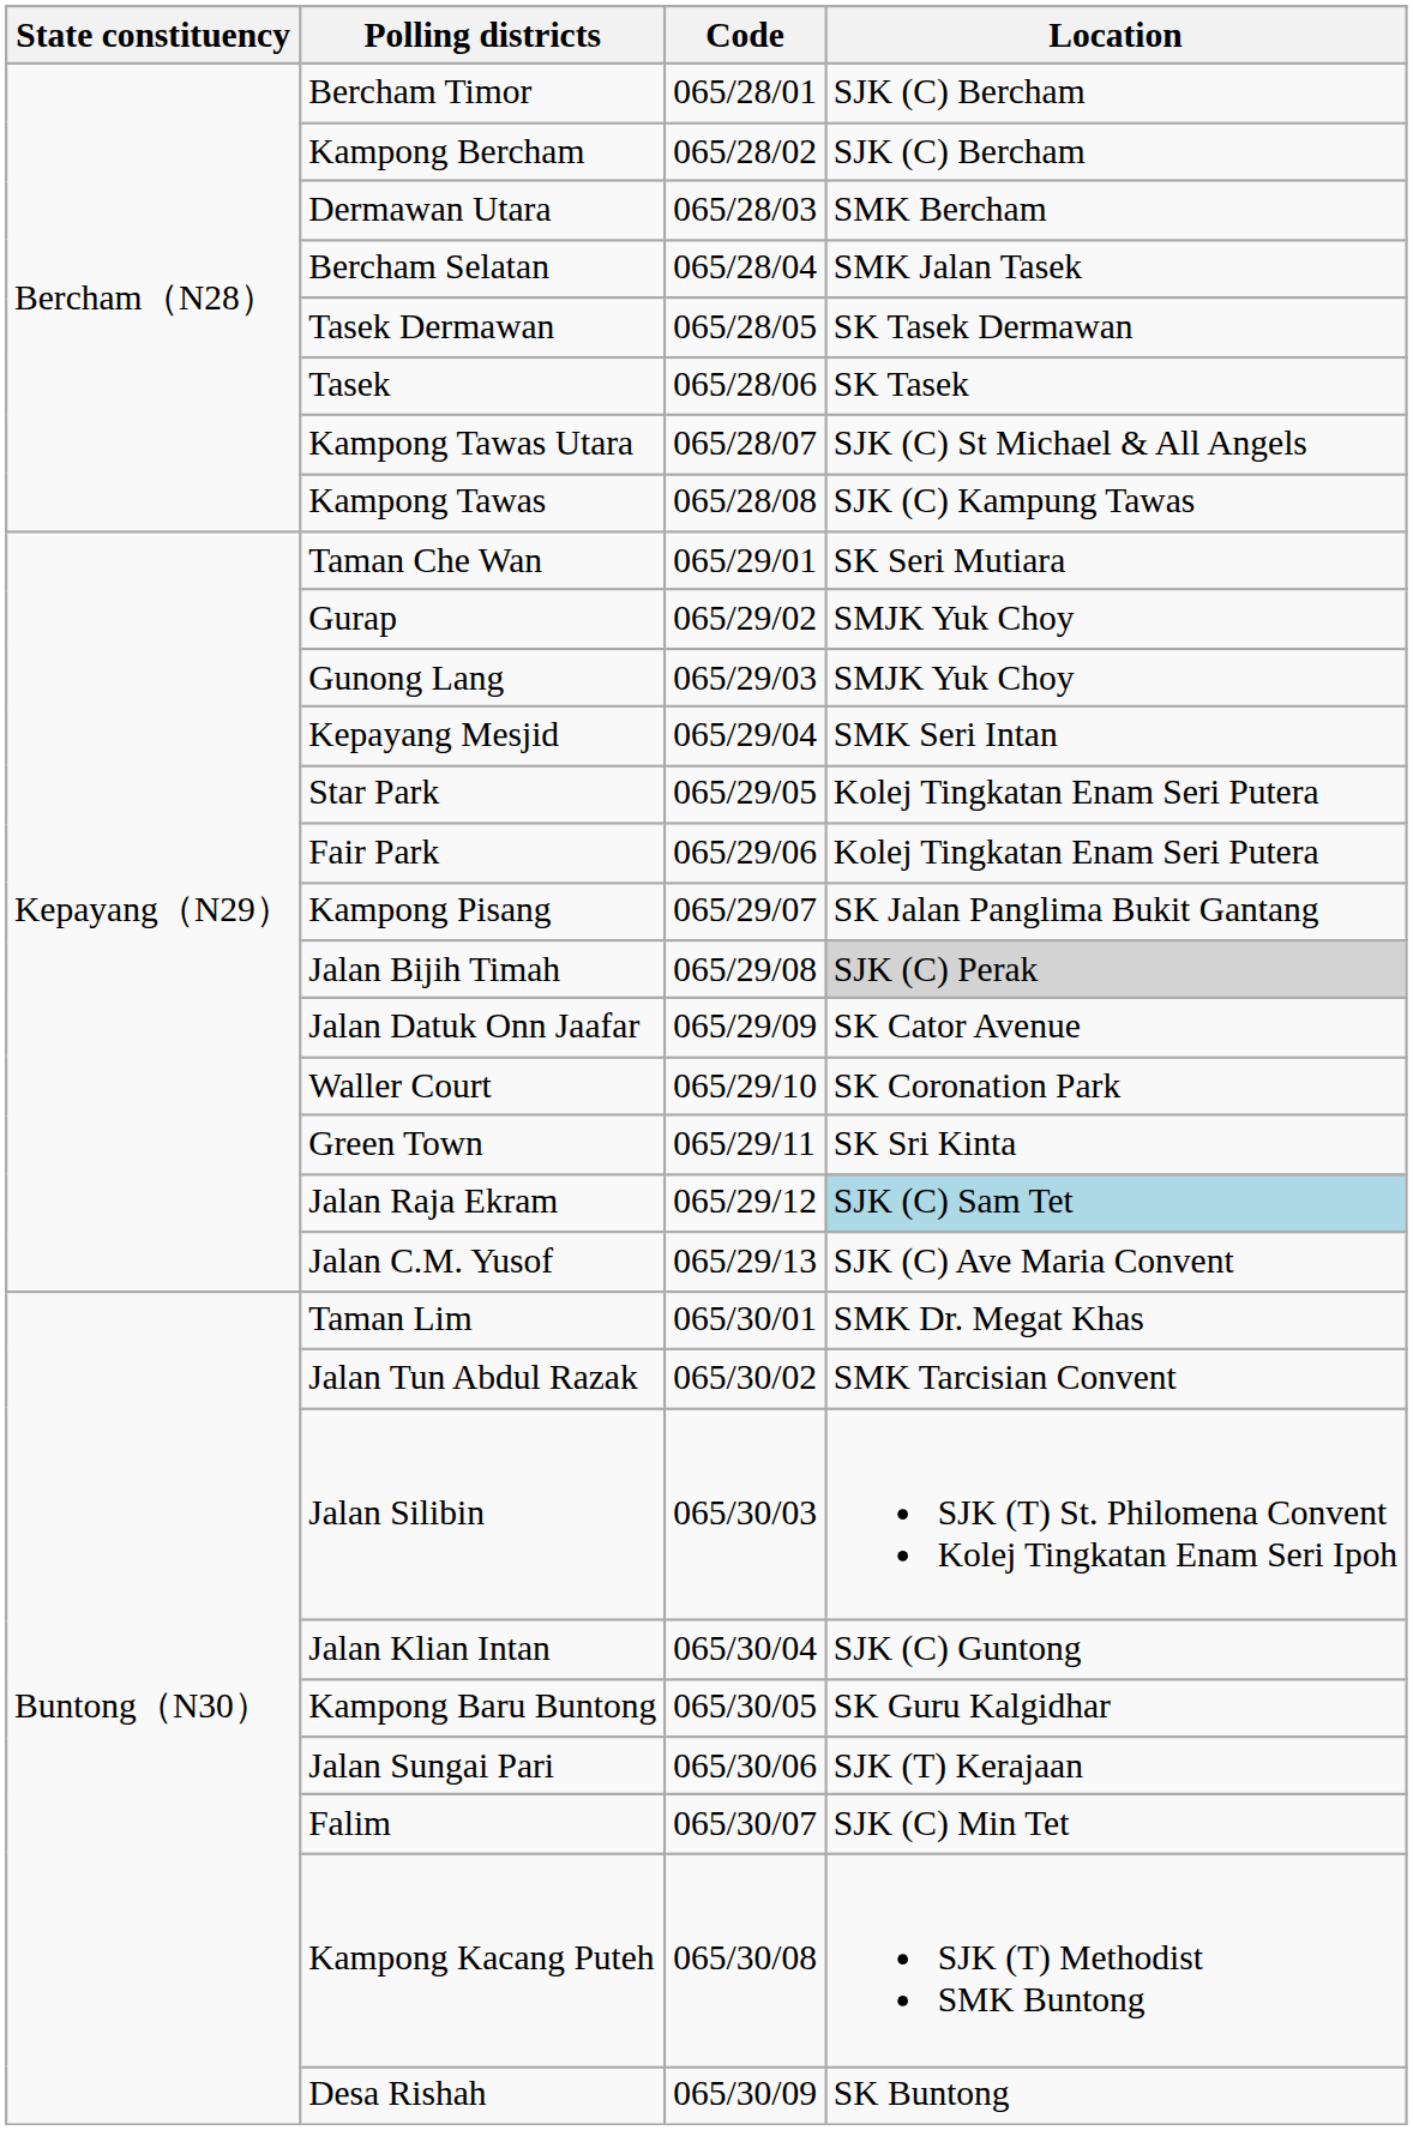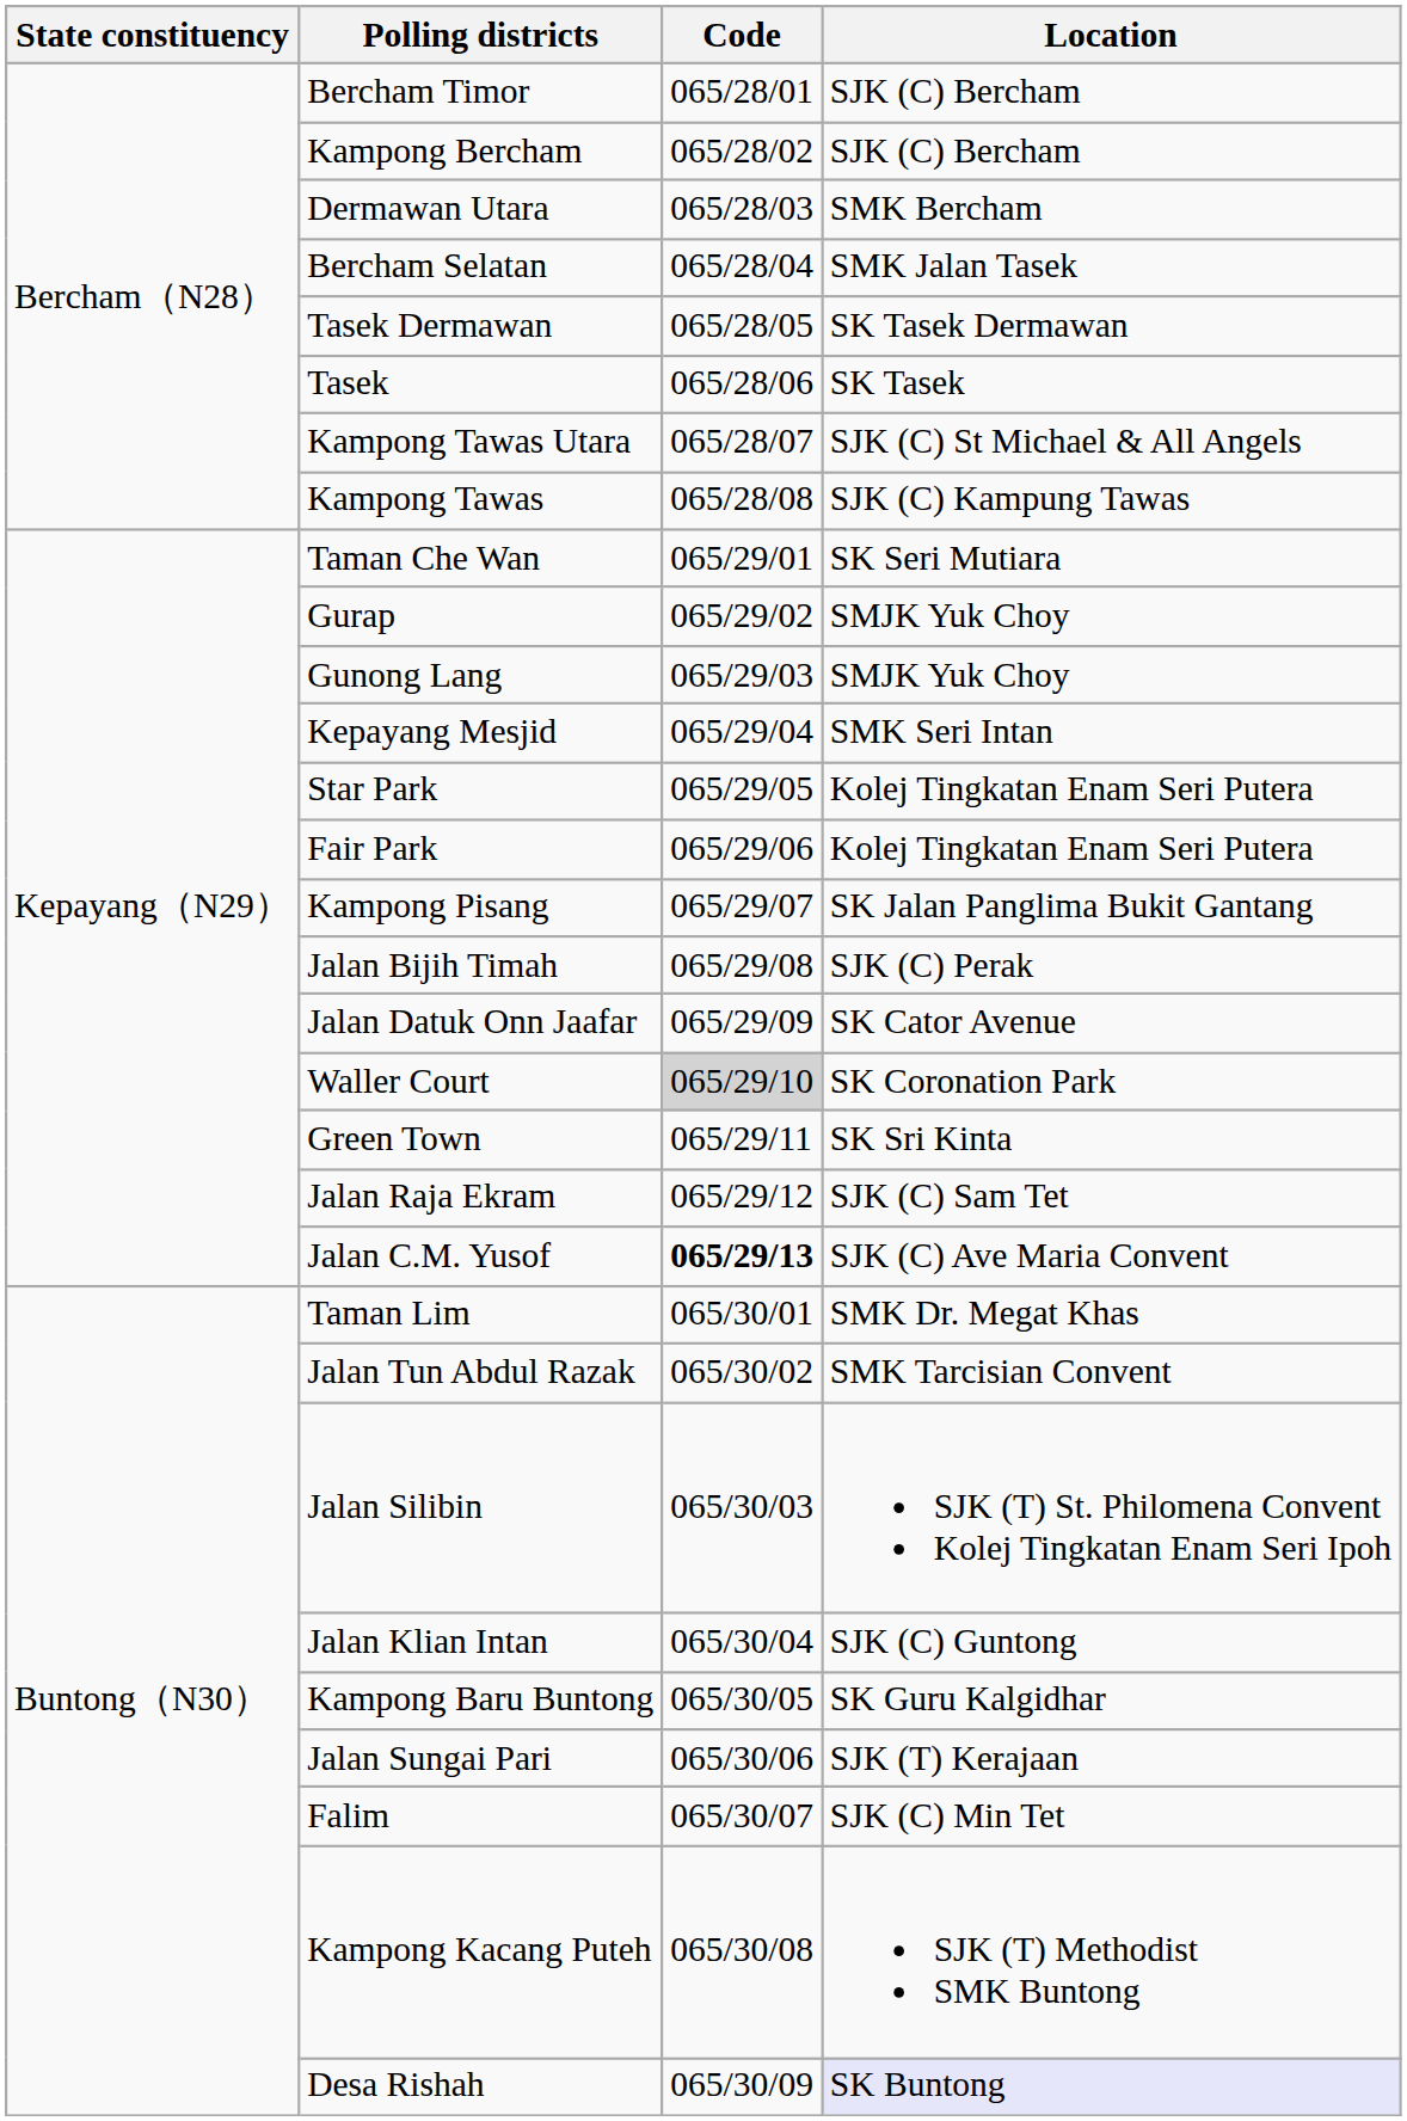 <table class="wikitable sortable mw-collapsible" style="white-space:nowrap;font-size:85%">
 <tr>
 <th>State constituency</th>
 <th>Polling districts</th>
 <th>Code</th>
 <th>Location</th>
 </tr>
 <tr>
 <td rowspan="8">Bercham（N28）</td>
 <td>Bercham Timor</td>
 <td>065/28/01</td>
 <td>SJK (C) Bercham</td>
 </tr>
 <tr>
 <td>Kampong Bercham</td>
 <td>065/28/02</td>
 <td>SJK (C) Bercham</td>
 </tr>
 <tr>
 <td>Dermawan Utara</td>
 <td>065/28/03</td>
 <td>SMK Bercham</td>
 </tr>
 <tr>
 <td>Bercham Selatan</td>
 <td>065/28/04</td>
 <td>SMK Jalan Tasek</td>
 </tr>
 <tr>
 <td>Tasek Dermawan</td>
 <td>065/28/05</td>
 <td>SK Tasek Dermawan</td>
 </tr>
 <tr>
 <td>Tasek</td>
 <td>065/28/06</td>
 <td>SK Tasek</td>
 </tr>
 <tr>
 <td>Kampong Tawas Utara</td>
 <td>065/28/07</td>
 <td>SJK (C) St Michael & All Angels</td>
 </tr>
 <tr>
 <td>Kampong Tawas</td>
 <td>065/28/08</td>
 <td>SJK (C) Kampung Tawas</td>
 </tr>
 <tr>
 <td rowspan="13">Kepayang（N29）</td>
 <td>Taman Che Wan</td>
 <td>065/29/01</td>
 <td>SK Seri Mutiara</td>
 </tr>
 <tr>
 <td>Gurap</td>
 <td>065/29/02</td>
 <td>SMJK Yuk Choy</td>
 </tr>
 <tr>
 <td>Gunong Lang</td>
 <td>065/29/03</td>
 <td>SMJK Yuk Choy</td>
 </tr>
 <tr>
 <td>Kepayang Mesjid</td>
 <td>065/29/04</td>
 <td>SMK Seri Intan</td>
 </tr>
 <tr>
 <td>Star Park</td>
 <td>065/29/05</td>
 <td>Kolej Tingkatan Enam Seri Putera</td>
 </tr>
 <tr>
 <td>Fair Park</td>
 <td>065/29/06</td>
 <td>Kolej Tingkatan Enam Seri Putera</td>
 </tr>
 <tr>
 <td>Kampong Pisang</td>
 <td>065/29/07</td>
 <td>SK Jalan Panglima Bukit Gantang</td>
 </tr>
 <tr>
 <td>Jalan Bijih Timah</td>
 <td>065/29/08</td>
-<td style="background: lightgrey;">SJK (C) Perak</td>
+<td>SJK (C) Perak</td>
 </tr>
 <tr>
 <td>Jalan Datuk Onn Jaafar</td>
 <td>065/29/09</td>
 <td>SK Cator Avenue</td>
 </tr>
 <tr>
 <td>Waller Court</td>
-<td>065/29/10</td>
+<td style="background: lightgrey;">065/29/10</td>
 <td>SK Coronation Park</td>
 </tr>
 <tr>
 <td>Green Town</td>
 <td>065/29/11</td>
 <td>SK Sri Kinta</td>
 </tr>
 <tr>
 <td>Jalan Raja Ekram</td>
 <td>065/29/12</td>
-<td style="background: lightblue;">SJK (C) Sam Tet</td>
+<td>SJK (C) Sam Tet</td>
 </tr>
 <tr>
 <td>Jalan C.M. Yusof</td>
-<td>065/29/13</td>
+<td><strong>065/29/13</strong></td>
 <td>SJK (C) Ave Maria Convent</td>
 </tr>
 <tr>
 <td rowspan="9">Buntong（N30）</td>
 <td>Taman Lim</td>
 <td>065/30/01</td>
 <td>SMK Dr. Megat Khas</td>
 </tr>
 <tr>
 <td>Jalan Tun Abdul Razak</td>
 <td>065/30/02</td>
 <td>SMK Tarcisian Convent</td>
 </tr>
 <tr>
 <td>Jalan Silibin</td>
 <td>065/30/03</td>
 <td><br><ul><li>SJK (T) St. Philomena Convent</li><li>Kolej Tingkatan Enam Seri Ipoh</li></ul></td>
 </tr>
 <tr>
 <td>Jalan Klian Intan</td>
 <td>065/30/04</td>
 <td>SJK (C) Guntong</td>
 </tr>
 <tr>
 <td>Kampong Baru Buntong</td>
 <td>065/30/05</td>
 <td>SK Guru Kalgidhar</td>
 </tr>
 <tr>
 <td>Jalan Sungai Pari</td>
 <td>065/30/06</td>
 <td>SJK (T) Kerajaan</td>
 </tr>
 <tr>
 <td>Falim</td>
 <td>065/30/07</td>
 <td>SJK (C) Min Tet</td>
 </tr>
 <tr>
 <td>Kampong Kacang Puteh</td>
 <td>065/30/08</td>
 <td><br><ul><li>SJK (T) Methodist</li><li>SMK Buntong</li></ul></td>
 </tr>
 <tr>
 <td>Desa Rishah</td>
 <td>065/30/09</td>
-<td>SK Buntong</td>
+<td style="background: lavender;">SK Buntong</td>
 </tr>
 </table>
